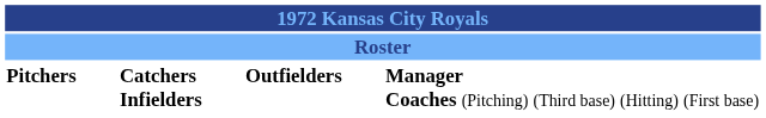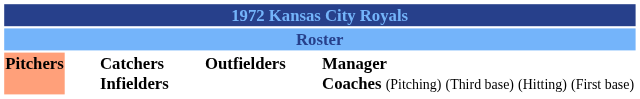 <table class="toccolours" style="font-size: 95%;">
 <tr>
 <th colspan="10" style="background-color: #27408B; color: #74B4FA; text-align: center;">1972 Kansas City Royals</th>
 </tr>
 <tr>
 <td colspan="10" style="background-color: #74B4FA; color: #27408B; text-align: center;"><strong>Roster</strong></td>
 </tr>
 <tr>
-<td valign="top"><strong>Pitchers</strong><br>              </td>
+<td valign="top" style="background: lightsalmon;"><strong>Pitchers</strong><br>              </td>
 <td width="25px"></td>
 <td valign="top"><strong>Catchers</strong><br>    <strong>Infielders</strong>         </td>
 <td width="25px"></td>
 <td valign="top"><strong>Outfielders</strong><br>     </td>
 <td width="25px"></td>
 <td valign="top"><strong>Manager</strong><br> <strong>Coaches</strong>  <small>(Pitching)</small>  <small>(Third base)</small>  <small>(Hitting)</small>  <small>(First base)</small></td>
 </tr>
 <tr>
 </tr>
 </table>
